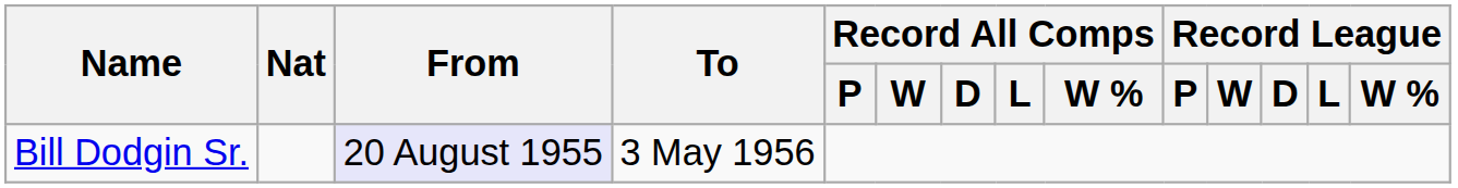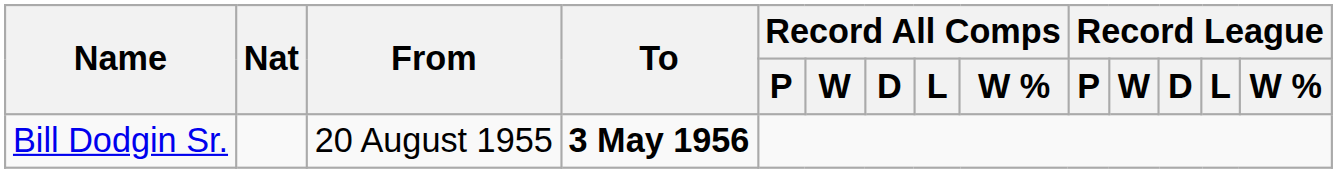 <table style="text-align: center" class="wikitable">
 <tr>
 <th rowspan="2">Name</th>
 <th rowspan="2">Nat</th>
 <th rowspan="2">From</th>
 <th rowspan="2">To</th>
 <th colspan="5">Record All Comps</th>
 <th colspan="5">Record League</th>
 </tr>
 <tr>
 <th>P</th>
 <th>W</th>
 <th>D</th>
 <th>L</th>
 <th>W %</th>
 <th>P</th>
 <th>W</th>
 <th>D</th>
 <th>L</th>
 <th>W %</th>
 </tr>
 <tr>
 <td style="text-align:left;"><a href='#'>Bill Dodgin Sr.</a></td>
 <td></td>
-<td style="background: lavender; text-align:left;">20 August 1955</td>
-<td style="text-align:left;">3 May 1956<br> </td>
+<td style="text-align:left;">20 August 1955</td>
+<td style="text-align:left;"><strong>3 May 1956<br> </strong></td>
 </tr>
 </table>
